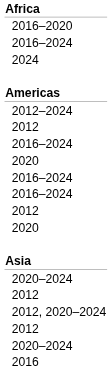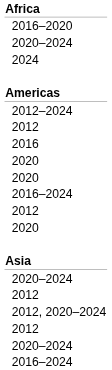 <table>
 <tr>
 <td colspan=2 style="border-bottom: 1px solid #aaa"><strong>Africa</strong></td>
 </tr>
 <tr>
 <td></td>
 <td>2016–2020</td>
 </tr>
 <tr>
 <td></td>
-<td>2016–2024</td>
+<td>2020–2024</td>
 </tr>
 <tr>
 <td></td>
 <td>2024</td>
 </tr>
 <tr>
 <td> </td>
 <td></td>
 </tr>
 <tr>
 <td colspan=2 style="border-bottom: 1px solid #aaa"><strong>Americas</strong></td>
 </tr>
 <tr>
 <td></td>
 <td>2012–2024</td>
 </tr>
 <tr>
 <td></td>
 <td>2012</td>
 </tr>
 <tr>
 <td></td>
-<td>2016–2024</td>
+<td>2016</td>
 </tr>
 <tr>
 <td></td>
 <td>2020</td>
 </tr>
 <tr>
 <td></td>
-<td>2016–2024</td>
+<td>2020</td>
 </tr>
 <tr>
 <td></td>
 <td>2016–2024</td>
 </tr>
 <tr>
 <td></td>
 <td>2012</td>
 </tr>
 <tr>
 <td></td>
 <td>2020</td>
 </tr>
 <tr>
 <td> </td>
 <td></td>
 </tr>
 <tr>
 <td colspan=2 style="border-bottom: 1px solid #aaa"><strong>Asia</strong></td>
 </tr>
 <tr>
 <td></td>
 <td>2020–2024</td>
 </tr>
 <tr>
 <td></td>
 <td>2012</td>
 </tr>
 <tr>
 <td></td>
 <td>2012, 2020–2024</td>
 </tr>
 <tr>
 <td></td>
 <td>2012</td>
 </tr>
 <tr>
 <td></td>
 <td>2020–2024</td>
 </tr>
 <tr>
 <td></td>
-<td>2016</td>
+<td>2016–2024</td>
 </tr>
 <tr>
 </tr>
 </table>
